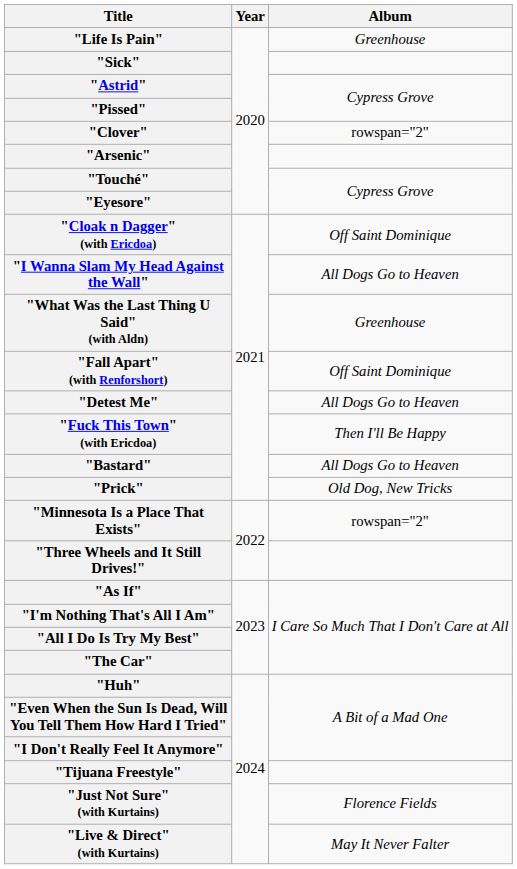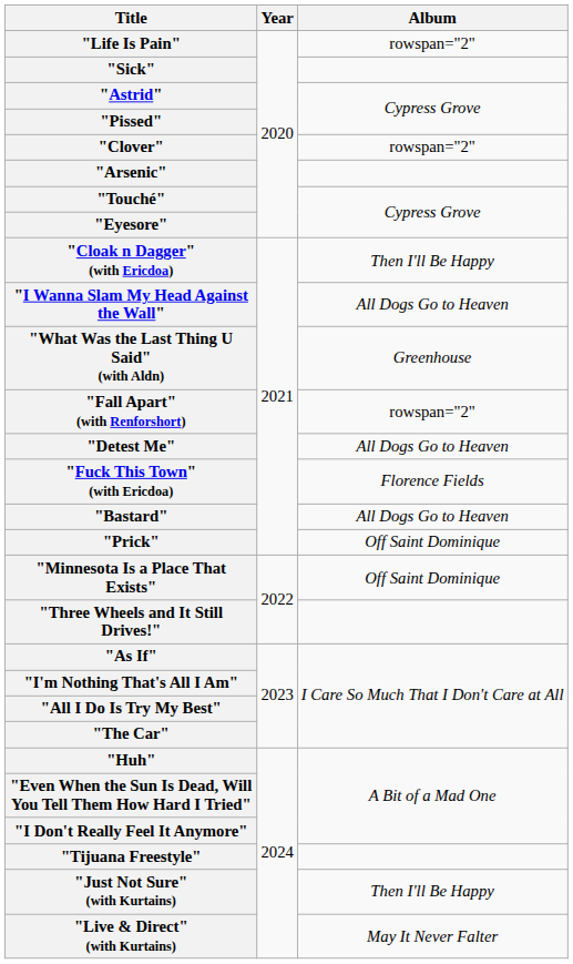 <table class="wikitable plainrowheaders" style="text-align:center;">
 <tr>
 <th scope="col" style="width:15em;">Title</th>
 <th scope="col">Year</th>
 <th scope="col">Album</th>
 </tr>
 <tr>
 <th scope="row">"Life Is Pain"</th>
 <td rowspan="8">2020</td>
-<td><em>Greenhouse</em></td>
+<td>rowspan="2" </td>
 </tr>
 <tr>
 <th scope="row">"Sick"</th>
 </tr>
 <tr>
 <th scope="row">"<a href='#'>Astrid</a>"</th>
 <td rowspan="2"><em>Cypress Grove</em></td>
 </tr>
 <tr>
 <th scope="row">"Pissed"</th>
 </tr>
 <tr>
 <th scope="row">"Clover"</th>
 <td>rowspan="2" </td>
 </tr>
 <tr>
 <th scope="row">"Arsenic"</th>
 </tr>
 <tr>
 <th scope="row">"Touché"</th>
 <td rowspan="2"><em>Cypress Grove</em></td>
 </tr>
 <tr>
 <th scope="row">"Eyesore"</th>
 </tr>
 <tr>
 <th scope="row">"<a href='#'>Cloak n Dagger</a>"<br><small>(with <a href='#'>Ericdoa</a>)</small></th>
 <td rowspan="8">2021</td>
-<td><em>Off Saint Dominique</em></td>
+<td><em>Then I'll Be Happy</em></td>
 </tr>
 <tr>
 <th scope="row">"<a href='#'>I Wanna Slam My Head Against the Wall</a>"</th>
 <td><em>All Dogs Go to Heaven</em></td>
 </tr>
 <tr>
 <th scope="row">"What Was the Last Thing U Said"<br><small>(with Aldn)</small></th>
 <td><em>Greenhouse</em></td>
 </tr>
 <tr>
 <th scope="row">"Fall Apart"<br><small>(with <a href='#'>Renforshort</a>)</small></th>
-<td><em>Off Saint Dominique</em></td>
+<td>rowspan="2" </td>
 </tr>
 <tr>
 <th scope="row">"Detest Me"</th>
 <td><em>All Dogs Go to Heaven</em></td>
 </tr>
 <tr>
 <th scope="row">"<a href='#'>Fuck This Town</a>"<br><small>(with Ericdoa)</small></th>
-<td><em>Then I'll Be Happy</em></td>
+<td rowspan="1"><em>Florence Fields</em></td>
 </tr>
 <tr>
 <th scope="row">"Bastard"</th>
 <td><em>All Dogs Go to Heaven</em></td>
 </tr>
 <tr>
 <th scope="row">"Prick"</th>
-<td><em>Old Dog, New Tricks</em></td>
+<td><em>Off Saint Dominique</em></td>
 </tr>
 <tr>
 <th scope="row">"Minnesota Is a Place That Exists"</th>
 <td rowspan="2">2022</td>
-<td>rowspan="2" </td>
+<td><em>Off Saint Dominique</em></td>
 </tr>
 <tr>
 <th scope="row">"Three Wheels and It Still Drives!"</th>
 </tr>
 <tr>
 <th scope="row">"As If"</th>
 <td rowspan="4">2023</td>
 <td rowspan="4"><em>I Care So Much That I Don't Care at All</em></td>
 </tr>
 <tr>
 <th scope="row">"I'm Nothing That's All I Am"</th>
 </tr>
 <tr>
 <th scope="row">"All I Do Is Try My Best"</th>
 </tr>
 <tr>
 <th scope="row">"The Car"</th>
 </tr>
 <tr>
 <th scope="row">"Huh"</th>
 <td rowspan="6">2024</td>
 <td rowspan="3"><em>A Bit of a Mad One</em></td>
 </tr>
 <tr>
 <th scope="row">"Even When the Sun Is Dead, Will You Tell Them How Hard I Tried"</th>
 </tr>
 <tr>
 <th scope="row">"I Don't Really Feel It Anymore"</th>
 </tr>
 <tr>
 <th scope="row">"Tijuana Freestyle"</th>
 <td></td>
 </tr>
 <tr>
 <th scope="row">"Just Not Sure"<br><small>(with Kurtains)</small></th>
-<td rowspan="1"><em>Florence Fields</em></td>
+<td><em>Then I'll Be Happy</em></td>
 </tr>
 <tr>
 <th scope="row">"Live & Direct"<br><small>(with Kurtains)</small></th>
 <td><em>May It Never Falter</em></td>
 </tr>
 </table>
